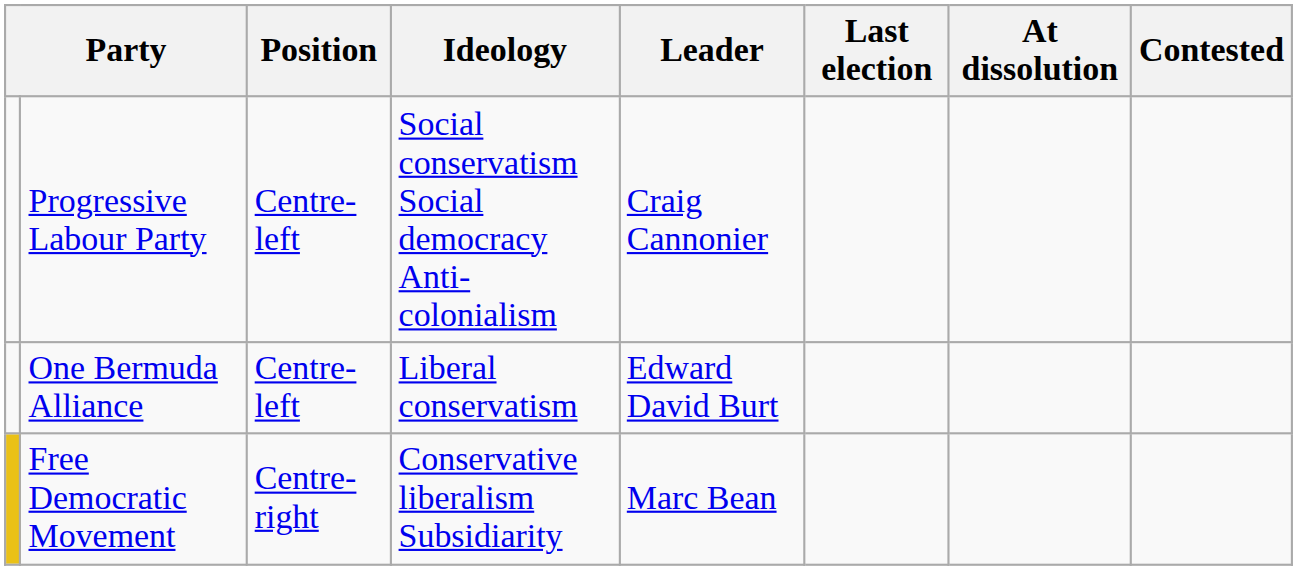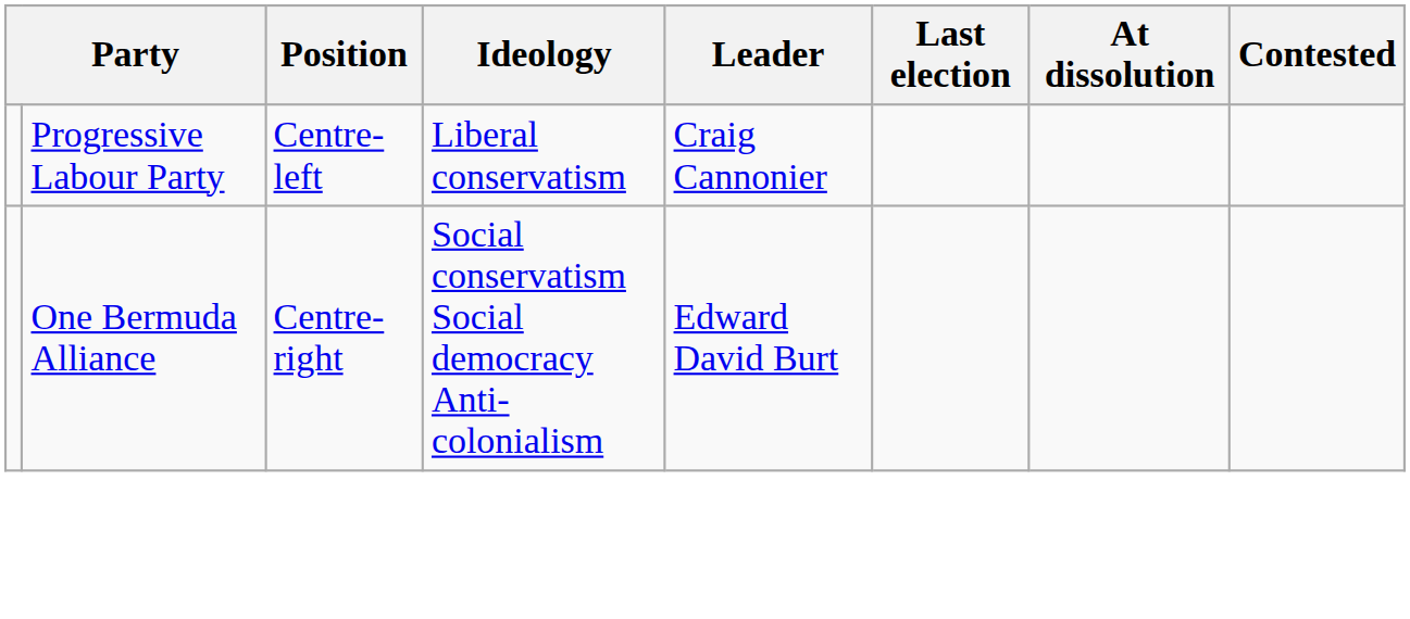 <table class="wikitable sortable">
 <tr>
 <th colspan=2>Party</th>
 <th>Position</th>
 <th>Ideology</th>
 <th>Leader<br></th>
 <th>Last election</th>
 <th>At dissolution</th>
 <th>Contested</th>
 </tr>
 <tr>
 <td></td>
 <td><a href='#'>Progressive Labour Party</a></td>
 <td><a href='#'>Centre-left</a></td>
-<td><a href='#'>Social conservatism</a><br><a href='#'>Social democracy</a><br><a href='#'>Anti-colonialism</a></td>
+<td><a href='#'>Liberal conservatism</a></td>
 <td><a href='#'>Craig Cannonier</a><br></td>
 <td></td>
 <td></td>
 <td></td>
 </tr>
 <tr>
 <td></td>
 <td><a href='#'>One Bermuda Alliance</a></td>
-<td><a href='#'>Centre-left</a></td>
-<td><a href='#'>Liberal conservatism</a></td>
+<td><a href='#'>Centre-right</a></td>
+<td><a href='#'>Social conservatism</a><br><a href='#'>Social democracy</a><br><a href='#'>Anti-colonialism</a></td>
 <td><a href='#'>Edward David Burt</a><br></td>
 <td></td>
 <td></td>
 <td></td>
 </tr>
-<tr>
-<td bgcolor="#EAC117"></td>
-<td><a href='#'>Free Democratic Movement</a></td>
-<td><a href='#'>Centre-right</a></td>
-<td><a href='#'>Conservative liberalism</a><br><a href='#'>Subsidiarity</a></td>
-<td><a href='#'>Marc Bean</a><br></td>
-<td></td>
-<td></td>
-<td></td>
-</tr>
 </table>
